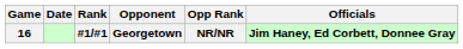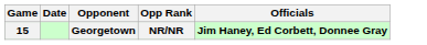 <table class="wikitable">
 <tr>
 <th>Game</th>
 <th>Date</th>
-<th>Rank</th>
 <th>Opponent</th>
 <th>Opp Rank</th>
 <th>Officials</th>
 </tr>
 <tr align="center" bgcolor="#ccffcc">
-<th>16</th>
+<th>15</th>
 <td></td>
-<th>#1/#1</th>
 <th>Georgetown</th>
 <th>NR/NR</th>
 <td><strong>Jim Haney, Ed Corbett, Donnee Gray</strong></td>
 </tr>
 </table>
